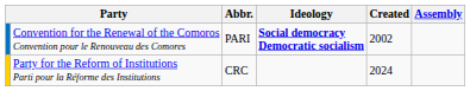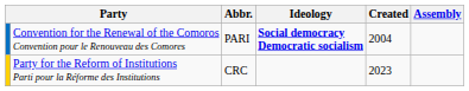 <table class="wikitable">
 <tr>
 <th colspan=2>Party</th>
 <th>Abbr.</th>
 <th>Ideology</th>
 <th>Created</th>
 <th><a href='#'>Assembly</a></th>
 </tr>
 <tr>
 <td bgcolor=#0471C3></td>
 <td><a href='#'>Convention for the Renewal of the Comoros</a><br><small><em>Convention pour le Renouveau des Comores</em></small></td>
 <td>PARI</td>
 <td><strong><a href='#'>Social democracy</a><br><a href='#'>Democratic socialism</a></strong></td>
-<td>2002</td>
+<td>2004</td>
 <td></td>
 </tr>
 <tr>
 <td bgcolor=#FFD100></td>
 <td><a href='#'>Party for the Reform of Institutions</a><br><small><em>Parti pour la Réforme des Institutions</em></small></td>
 <td>CRC</td>
 <td></td>
-<td>2024</td>
+<td>2023</td>
 <td></td>
 </tr>
 </table>
